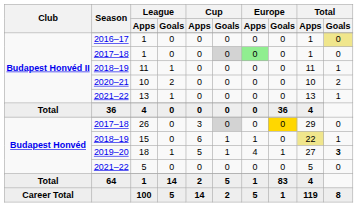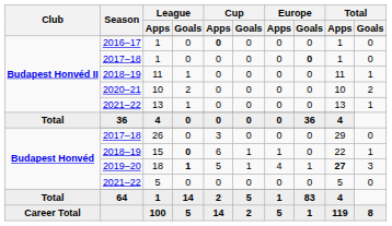 <table class="wikitable" style="font-size:90%; text-align: center;">
 <tr>
 <th rowspan="2">Club</th>
 <th rowspan="2">Season</th>
 <th colspan="2">League</th>
 <th colspan="2">Cup</th>
 <th colspan="2">Europe</th>
 <th colspan="2">Total</th>
 </tr>
 <tr>
 <th>Apps</th>
 <th>Goals</th>
 <th>Apps</th>
 <th>Goals</th>
 <th>Apps</th>
 <th>Goals</th>
 <th>Apps</th>
 <th>Goals</th>
 </tr>
 <tr ||-||-||-|->
 <td rowspan="7" valign="center"><strong><a href='#'>Budapest Honvéd II</a></strong></td>
 </tr>
 <tr>
 <td><a href='#'>2016–17</a></td>
 <td>1</td>
 <td>0</td>
-<td>0</td>
+<td><strong>0</strong></td>
 <td>0</td>
 <td>0</td>
 <td>0</td>
 <td>1</td>
-<td style="background: khaki;">0</td>
+<td>0</td>
 </tr>
 <tr>
 <td><a href='#'>2017–18</a></td>
 <td>1</td>
 <td>0</td>
 <td>0</td>
-<td style="background: lightgrey;">0</td>
-<td style="background: lightgreen;">0</td>
 <td>0</td>
+<td>0</td>
+<td><strong>0</strong></td>
 <td>1</td>
 <td>0</td>
 </tr>
 <tr>
 <td><a href='#'>2018–19</a></td>
 <td>11</td>
 <td>1</td>
 <td>0</td>
 <td>0</td>
 <td>0</td>
 <td>0</td>
 <td>11</td>
 <td>1</td>
 </tr>
 <tr>
 <td><a href='#'>2020–21</a></td>
 <td>10</td>
 <td>2</td>
 <td>0</td>
 <td>0</td>
 <td>0</td>
 <td>0</td>
 <td>10</td>
 <td>2</td>
 </tr>
 <tr>
 <td><a href='#'>2021–22</a></td>
 <td>13</td>
 <td>1</td>
 <td>0</td>
 <td>0</td>
 <td>0</td>
 <td>0</td>
 <td>13</td>
 <td>1</td>
 </tr>
 <tr>
 </tr>
 <tr style="font-weight:bold; background-color:#eeeeee;">
 <td>Total</td>
 <td>36</td>
 <td>4</td>
 <td>0</td>
 <td>0</td>
 <td>0</td>
 <td>0</td>
 <td>36</td>
 <td>4</td>
 </tr>
 <tr>
 <td rowspan="6" valign="center"><strong><a href='#'>Budapest Honvéd</a></strong></td>
 </tr>
 <tr>
 <td><a href='#'>2017–18</a></td>
 <td>26</td>
 <td>0</td>
 <td>3</td>
-<td style="background: lightgrey;">0</td>
 <td>0</td>
-<td style="background: gold;">0</td>
+<td>0</td>
+<td>0</td>
 <td>29</td>
 <td>0</td>
 </tr>
 <tr>
 <td><a href='#'>2018–19</a></td>
 <td>15</td>
-<td>0</td>
+<td><strong>0</strong></td>
 <td>6</td>
 <td>1</td>
 <td>1</td>
 <td>0</td>
-<td style="background: khaki;">22</td>
+<td>22</td>
 <td>1</td>
 </tr>
 <tr>
 <td><a href='#'>2019–20</a></td>
 <td>18</td>
-<td>1</td>
+<td><strong>1</strong></td>
 <td>5</td>
 <td>1</td>
 <td>4</td>
 <td>1</td>
-<td>27</td>
-<td><strong>3</strong></td>
+<td><strong>27</strong></td>
+<td>3</td>
 </tr>
 <tr>
 <td><a href='#'>2021–22</a></td>
 <td>5</td>
 <td>0</td>
 <td>0</td>
 <td>0</td>
 <td>0</td>
 <td>0</td>
 <td>5</td>
 <td>0</td>
 </tr>
 <tr>
 </tr>
 <tr style="font-weight:bold; background-color:#eeeeee;">
 <td>Total</td>
 <td>64</td>
 <td>1</td>
 <td>14</td>
 <td>2</td>
 <td>5</td>
 <td>1</td>
 <td>83</td>
 <td>4</td>
 </tr>
 <tr style="font-weight:bold; background-color:#eeeeee;">
 <td rowspan="1" valign="top"><strong>Career Total</strong></td>
 <td></td>
 <td><strong>100</strong></td>
 <td><strong>5</strong></td>
 <td><strong>14</strong></td>
 <td><strong>2</strong></td>
 <td><strong>5</strong></td>
 <td><strong>1</strong></td>
 <td><strong>119</strong></td>
 <td><strong>8</strong></td>
 </tr>
 </table>
